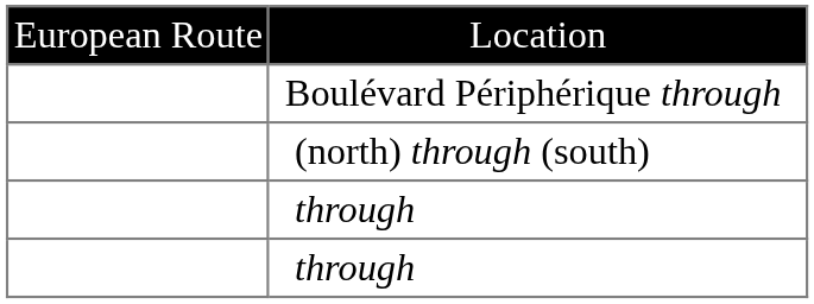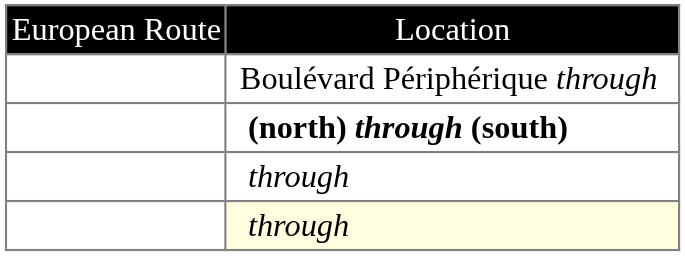 <table border=1 cellpadding=2 style="margin-left:1em; margin-bottom: 1em; color: black; border-collapse: collapse; font-size: 95%;">
 <tr align="center" bgcolor="000000" style="color: white">
 <td>European Route</td>
 <td>Location</td>
 </tr>
 <tr>
 <td></td>
 <td> Boulévard Périphérique <em>through</em>  </td>
 </tr>
 <tr>
 <td></td>
-<td>  (north) <em>through</em>  (south)</td>
+<td><strong>  (north) <em>through</em>  (south)</strong></td>
 </tr>
 <tr>
 <td></td>
 <td>  <em>through</em> </td>
 </tr>
 <tr>
 <td></td>
-<td>  <em>through</em> </td>
+<td style="background: lightyellow;">  <em>through</em> </td>
 </tr>
 </table>
